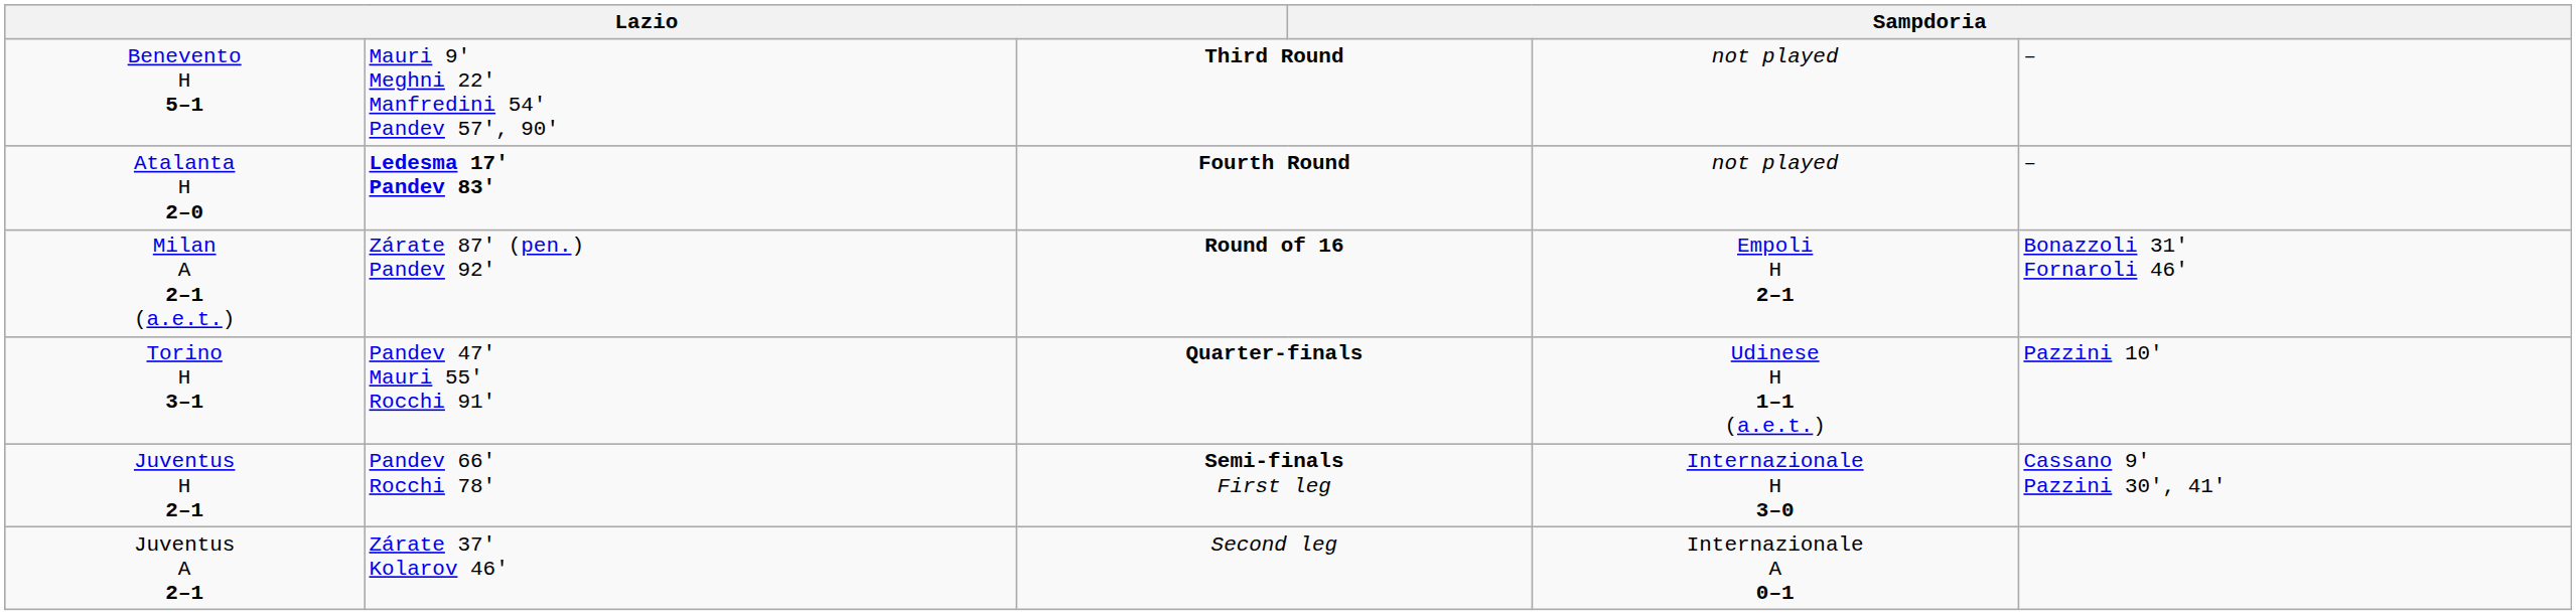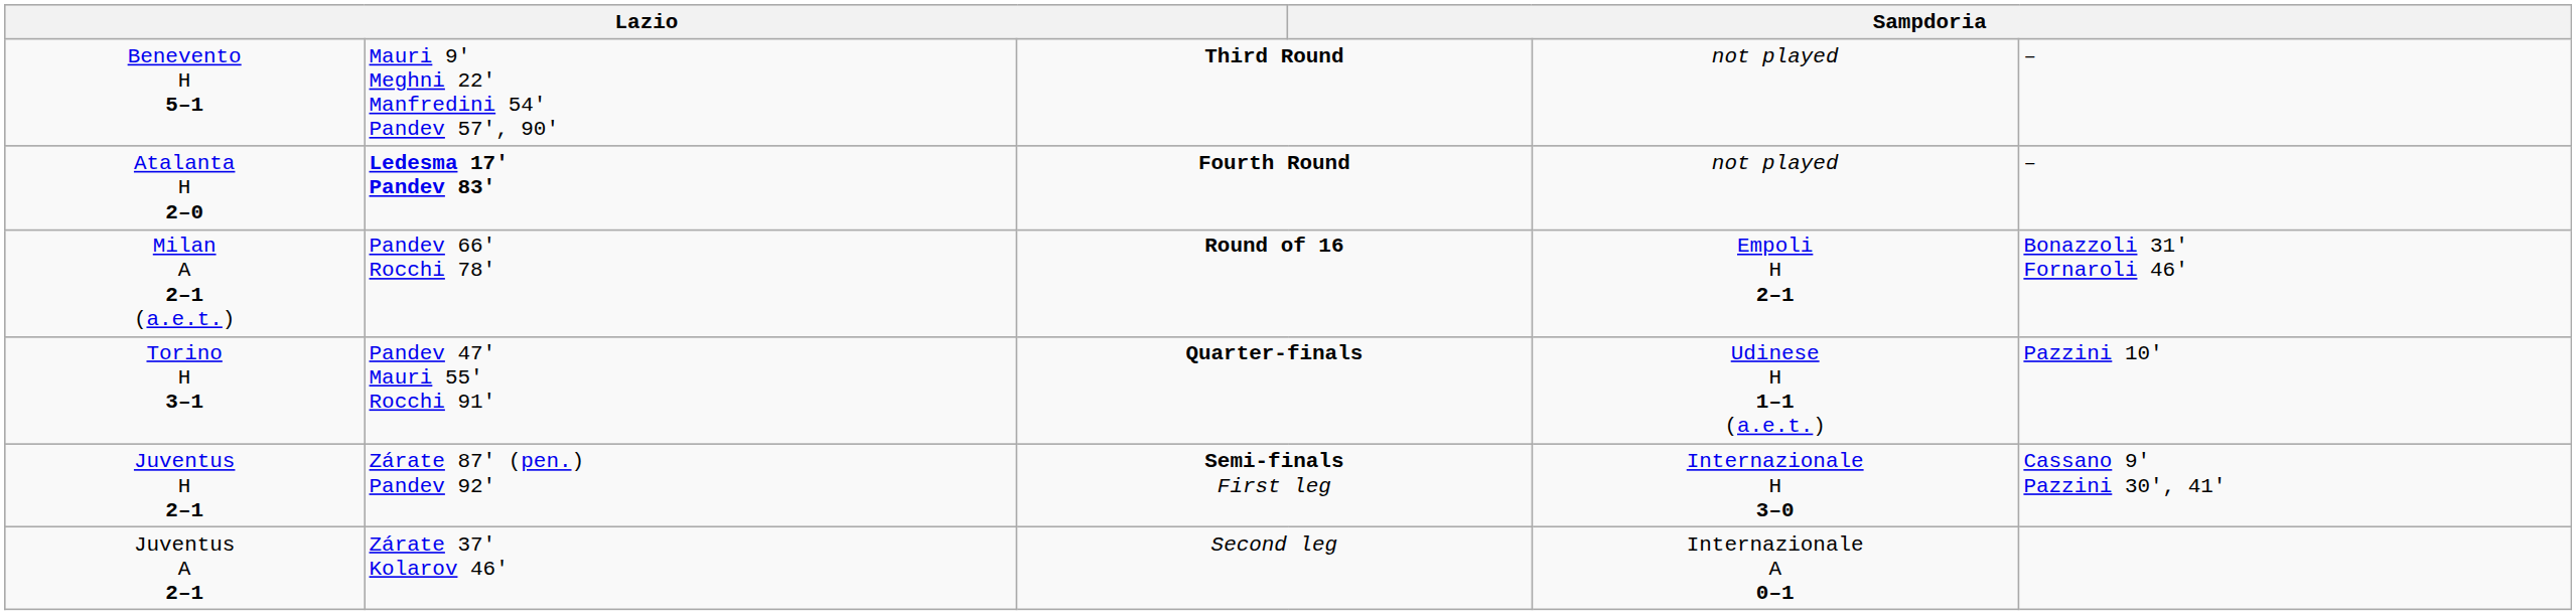 <table width=100% border=0 class=wikitable>
 <tr valign=top>
 <th colspan=3 width=45%>Lazio</th>
 <th colspan=3 width=45%>Sampdoria</th>
 </tr>
 <tr valign=top align=center>
 <td><a href='#'>Benevento</a><br>H<br><strong>5–1</strong></td>
 <td align=left><a href='#'>Mauri</a> 9'<br><a href='#'>Meghni</a> 22'<br><a href='#'>Manfredini</a> 54'<br><a href='#'>Pandev</a> 57', 90'</td>
 <td colspan=2><strong>Third Round</strong></td>
 <td><em>not played</em></td>
 <td align=left>–</td>
 </tr>
 <tr valign=top align=center>
 <td><a href='#'>Atalanta</a><br>H<br><strong>2–0</strong></td>
 <td align=left><strong><a href='#'>Ledesma</a> 17'<br><a href='#'>Pandev</a> 83'</strong></td>
 <td colspan=2><strong>Fourth Round</strong></td>
 <td><em>not played</em></td>
 <td align=left>–</td>
 </tr>
 <tr valign=top align=center>
 <td><a href='#'>Milan</a><br>A<br><strong>2–1</strong><br>(<a href='#'>a.e.t.</a>)</td>
-<td align=left><a href='#'>Zárate</a> 87' (<a href='#'>pen.</a>)<br><a href='#'>Pandev</a> 92'</td>
+<td align=left><a href='#'>Pandev</a> 66'<br><a href='#'>Rocchi</a> 78'</td>
 <td colspan=2><strong>Round of 16</strong></td>
 <td><a href='#'>Empoli</a><br>H<br><strong>2–1</strong></td>
 <td align=left><a href='#'>Bonazzoli</a> 31'<br><a href='#'>Fornaroli</a> 46'</td>
 </tr>
 <tr valign=top align=center>
 <td><a href='#'>Torino</a><br>H<br><strong>3–1</strong></td>
 <td align=left><a href='#'>Pandev</a> 47'<br><a href='#'>Mauri</a> 55'<br><a href='#'>Rocchi</a> 91'</td>
 <td colspan=2><strong>Quarter-finals</strong></td>
 <td><a href='#'>Udinese</a><br>H<br><strong>1–1</strong><br>(<a href='#'>a.e.t.</a>)</td>
 <td align=left><a href='#'>Pazzini</a> 10'</td>
 </tr>
 <tr valign=top align=center>
 <td><a href='#'>Juventus</a><br>H<br><strong>2–1</strong></td>
-<td align=left><a href='#'>Pandev</a> 66'<br><a href='#'>Rocchi</a> 78'</td>
+<td align=left><a href='#'>Zárate</a> 87' (<a href='#'>pen.</a>)<br><a href='#'>Pandev</a> 92'</td>
 <td colspan=2><strong>Semi-finals</strong><br><em>First leg</em></td>
 <td><a href='#'>Internazionale</a><br>H<br><strong>3–0</strong></td>
 <td align=left><a href='#'>Cassano</a> 9'<br><a href='#'>Pazzini</a> 30', 41'</td>
 </tr>
 <tr valign=top align=center>
 <td>Juventus<br>A<br><strong>2–1</strong></td>
 <td align=left><a href='#'>Zárate</a> 37'<br><a href='#'>Kolarov</a> 46'</td>
 <td colspan=2><em>Second leg</em></td>
 <td>Internazionale<br>A<br><strong>0–1</strong></td>
 <td align=left></td>
 </tr>
 </table>
